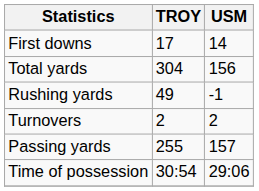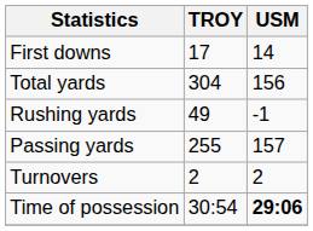 <table class="wikitable">
 <tr>
 <th>Statistics</th>
 <th>TROY</th>
 <th>USM</th>
 </tr>
 <tr>
 <td>First downs</td>
 <td>17</td>
 <td>14</td>
 </tr>
 <tr>
 <td>Total yards</td>
 <td>304</td>
 <td>156</td>
 </tr>
 <tr>
 <td>Rushing yards</td>
 <td>49</td>
 <td>-1</td>
 </tr>
 <tr>
+<td>Passing yards</td>
+<td>255</td>
+<td>157</td>
+</tr>
+<tr>
 <td>Turnovers</td>
 <td>2</td>
 <td>2</td>
 </tr>
 <tr>
-<td>Passing yards</td>
-<td>255</td>
-<td>157</td>
-</tr>
-<tr>
 <td>Time of possession</td>
 <td>30:54</td>
-<td>29:06</td>
+<td><strong>29:06</strong></td>
 </tr>
 <tr>
 </tr>
 </table>
